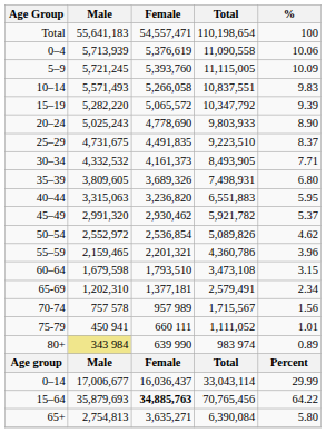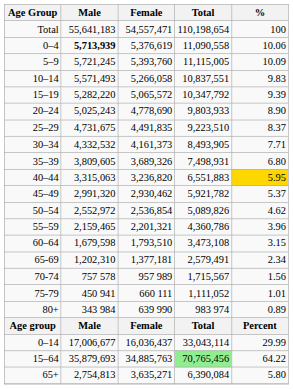 <table class="wikitable">
 <tr>
 <th width="80pt">Age Group</th>
 <th width="80pt">Male</th>
 <th width="80pt">Female</th>
 <th width="80pt">Total</th>
 <th width="80pt">%</th>
 </tr>
 <tr>
 <td align="right">Total</td>
 <td align="right">55,641,183</td>
 <td align="right">54,557,471</td>
 <td align="right">110,198,654</td>
 <td align="right">100</td>
 </tr>
 <tr>
 <td align="right">0–4</td>
-<td align="right">5,713,939</td>
+<td align="right"><strong>5,713,939</strong></td>
 <td align="right">5,376,619</td>
 <td align="right">11,090,558</td>
 <td align="right">10.06</td>
 </tr>
 <tr>
 <td align="right">5–9</td>
 <td align="right">5,721,245</td>
 <td align="right">5,393,760</td>
 <td align="right">11,115,005</td>
 <td align="right">10.09</td>
 </tr>
 <tr>
 <td align="right">10–14</td>
 <td align="right">5,571,493</td>
 <td align="right">5,266,058</td>
 <td align="right">10,837,551</td>
 <td align="right">9.83</td>
 </tr>
 <tr>
 <td align="right">15–19</td>
 <td align="right">5,282,220</td>
 <td align="right">5,065,572</td>
 <td align="right">10,347,792</td>
 <td align="right">9.39</td>
 </tr>
 <tr>
 <td align="right">20–24</td>
 <td align="right">5,025,243</td>
 <td align="right">4,778,690</td>
 <td align="right">9,803,933</td>
 <td align="right">8.90</td>
 </tr>
 <tr>
 <td align="right">25–29</td>
 <td align="right">4,731,675</td>
 <td align="right">4,491,835</td>
 <td align="right">9,223,510</td>
 <td align="right">8.37</td>
 </tr>
 <tr>
 <td align="right">30–34</td>
 <td align="right">4,332,532</td>
 <td align="right">4,161,373</td>
 <td align="right">8,493,905</td>
 <td align="right">7.71</td>
 </tr>
 <tr>
 <td align="right">35–39</td>
 <td align="right">3,809,605</td>
 <td align="right">3,689,326</td>
 <td align="right">7,498,931</td>
 <td align="right">6.80</td>
 </tr>
 <tr>
 <td align="right">40–44</td>
 <td align="right">3,315,063</td>
 <td align="right">3,236,820</td>
 <td align="right">6,551,883</td>
-<td align="right">5.95</td>
+<td align="right" style="background: gold;">5.95</td>
 </tr>
 <tr>
 <td align="right">45–49</td>
 <td align="right">2,991,320</td>
 <td align="right">2,930,462</td>
 <td align="right">5,921,782</td>
 <td align="right">5.37</td>
 </tr>
 <tr>
 <td align="right">50–54</td>
 <td align="right">2,552,972</td>
 <td align="right">2,536,854</td>
 <td align="right">5,089,826</td>
 <td align="right">4.62</td>
 </tr>
 <tr>
 <td align="right">55–59</td>
 <td align="right">2,159,465</td>
 <td align="right">2,201,321</td>
 <td align="right">4,360,786</td>
 <td align="right">3.96</td>
 </tr>
 <tr>
 <td align="right">60–64</td>
 <td align="right">1,679,598</td>
 <td align="right">1,793,510</td>
 <td align="right">3,473,108</td>
 <td align="right">3.15</td>
 </tr>
 <tr>
 <td align="right">65-69</td>
 <td align="right">1,202,310</td>
 <td align="right">1,377,181</td>
 <td align="right">2,579,491</td>
 <td align="right">2.34</td>
 </tr>
 <tr>
 <td align="right">70-74</td>
 <td align="right">757 578</td>
 <td align="right">957 989</td>
 <td align="right">1,715,567</td>
 <td align="right">1.56</td>
 </tr>
 <tr>
 <td align="right">75-79</td>
 <td align="right">450 941</td>
 <td align="right">660 111</td>
 <td align="right">1,111,052</td>
 <td align="right">1.01</td>
 </tr>
 <tr>
 <td align="right">80+</td>
-<td align="right" style="background: khaki;">343 984</td>
+<td align="right">343 984</td>
 <td align="right">639 990</td>
 <td align="right">983 974</td>
 <td align="right">0.89</td>
 </tr>
 <tr>
 <th width="50">Age group</th>
 <th width="80pt">Male</th>
 <th width="80">Female</th>
 <th width="80">Total</th>
 <th width="50">Percent</th>
 </tr>
 <tr>
 <td align="right">0–14</td>
 <td align="right">17,006,677</td>
 <td align="right">16,036,437</td>
 <td align="right">33,043,114</td>
 <td align="right">29.99</td>
 </tr>
 <tr>
 <td align="right">15–64</td>
 <td align="right">35,879,693</td>
-<td align="right"><strong>34,885,763</strong></td>
-<td align="right">70,765,456</td>
+<td align="right">34,885,763</td>
+<td align="right" style="background: lightgreen;">70,765,456</td>
 <td align="right">64.22</td>
 </tr>
 <tr>
 <td align="right">65+</td>
 <td align="right">2,754,813</td>
 <td align="right">3,635,271</td>
 <td align="right">6,390,084</td>
 <td align="right">5.80</td>
 </tr>
 <tr>
 </tr>
 </table>
